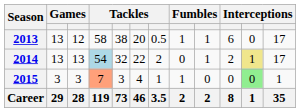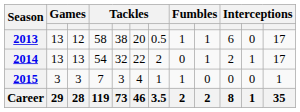 <table class="wikitable" style="text-align:center;">
 <tr>
 <th rowspan="2">Season</th>
 <th colspan="2">Games</th>
 <th colspan="4">Tackles</th>
 <th colspan="2">Fumbles</th>
 <th colspan="3">Interceptions</th>
 </tr>
 <tr>
 <th></th>
 <th></th>
 <th></th>
 <th></th>
 <th></th>
 <th></th>
 <th></th>
 <th></th>
 <th></th>
 <th></th>
 <th></th>
 </tr>
 <tr>
 <th><a href='#'>2013</a></th>
 <td>13</td>
 <td>12</td>
 <td>58</td>
 <td>38</td>
 <td>20</td>
 <td>0.5</td>
 <td>1</td>
 <td>1</td>
 <td>6</td>
 <td>0</td>
 <td>17</td>
 </tr>
 <tr>
 <th><a href='#'>2014</a></th>
 <td>13</td>
 <td>13</td>
-<td style="background: lightblue;">54</td>
+<td>54</td>
 <td>32</td>
 <td>22</td>
 <td>2</td>
 <td>0</td>
 <td>1</td>
 <td>2</td>
-<td style="background: khaki;">1</td>
+<td>1</td>
 <td>17</td>
 </tr>
 <tr>
 <th><a href='#'>2015</a></th>
 <td>3</td>
 <td>3</td>
-<td style="background: lightsalmon;">7</td>
+<td>7</td>
 <td>3</td>
 <td>4</td>
 <td>1</td>
 <td>1</td>
 <td>0</td>
 <td>0</td>
-<td style="background: lightgreen;">0</td>
+<td>0</td>
 <td>1</td>
 </tr>
 <tr>
 <th>Career</th>
 <th>29</th>
 <th>28</th>
 <th>119</th>
 <th>73</th>
 <th>46</th>
 <th>3.5</th>
 <th>2</th>
 <th>2</th>
 <th>8</th>
 <th>1</th>
 <th>35</th>
 </tr>
 </table>
